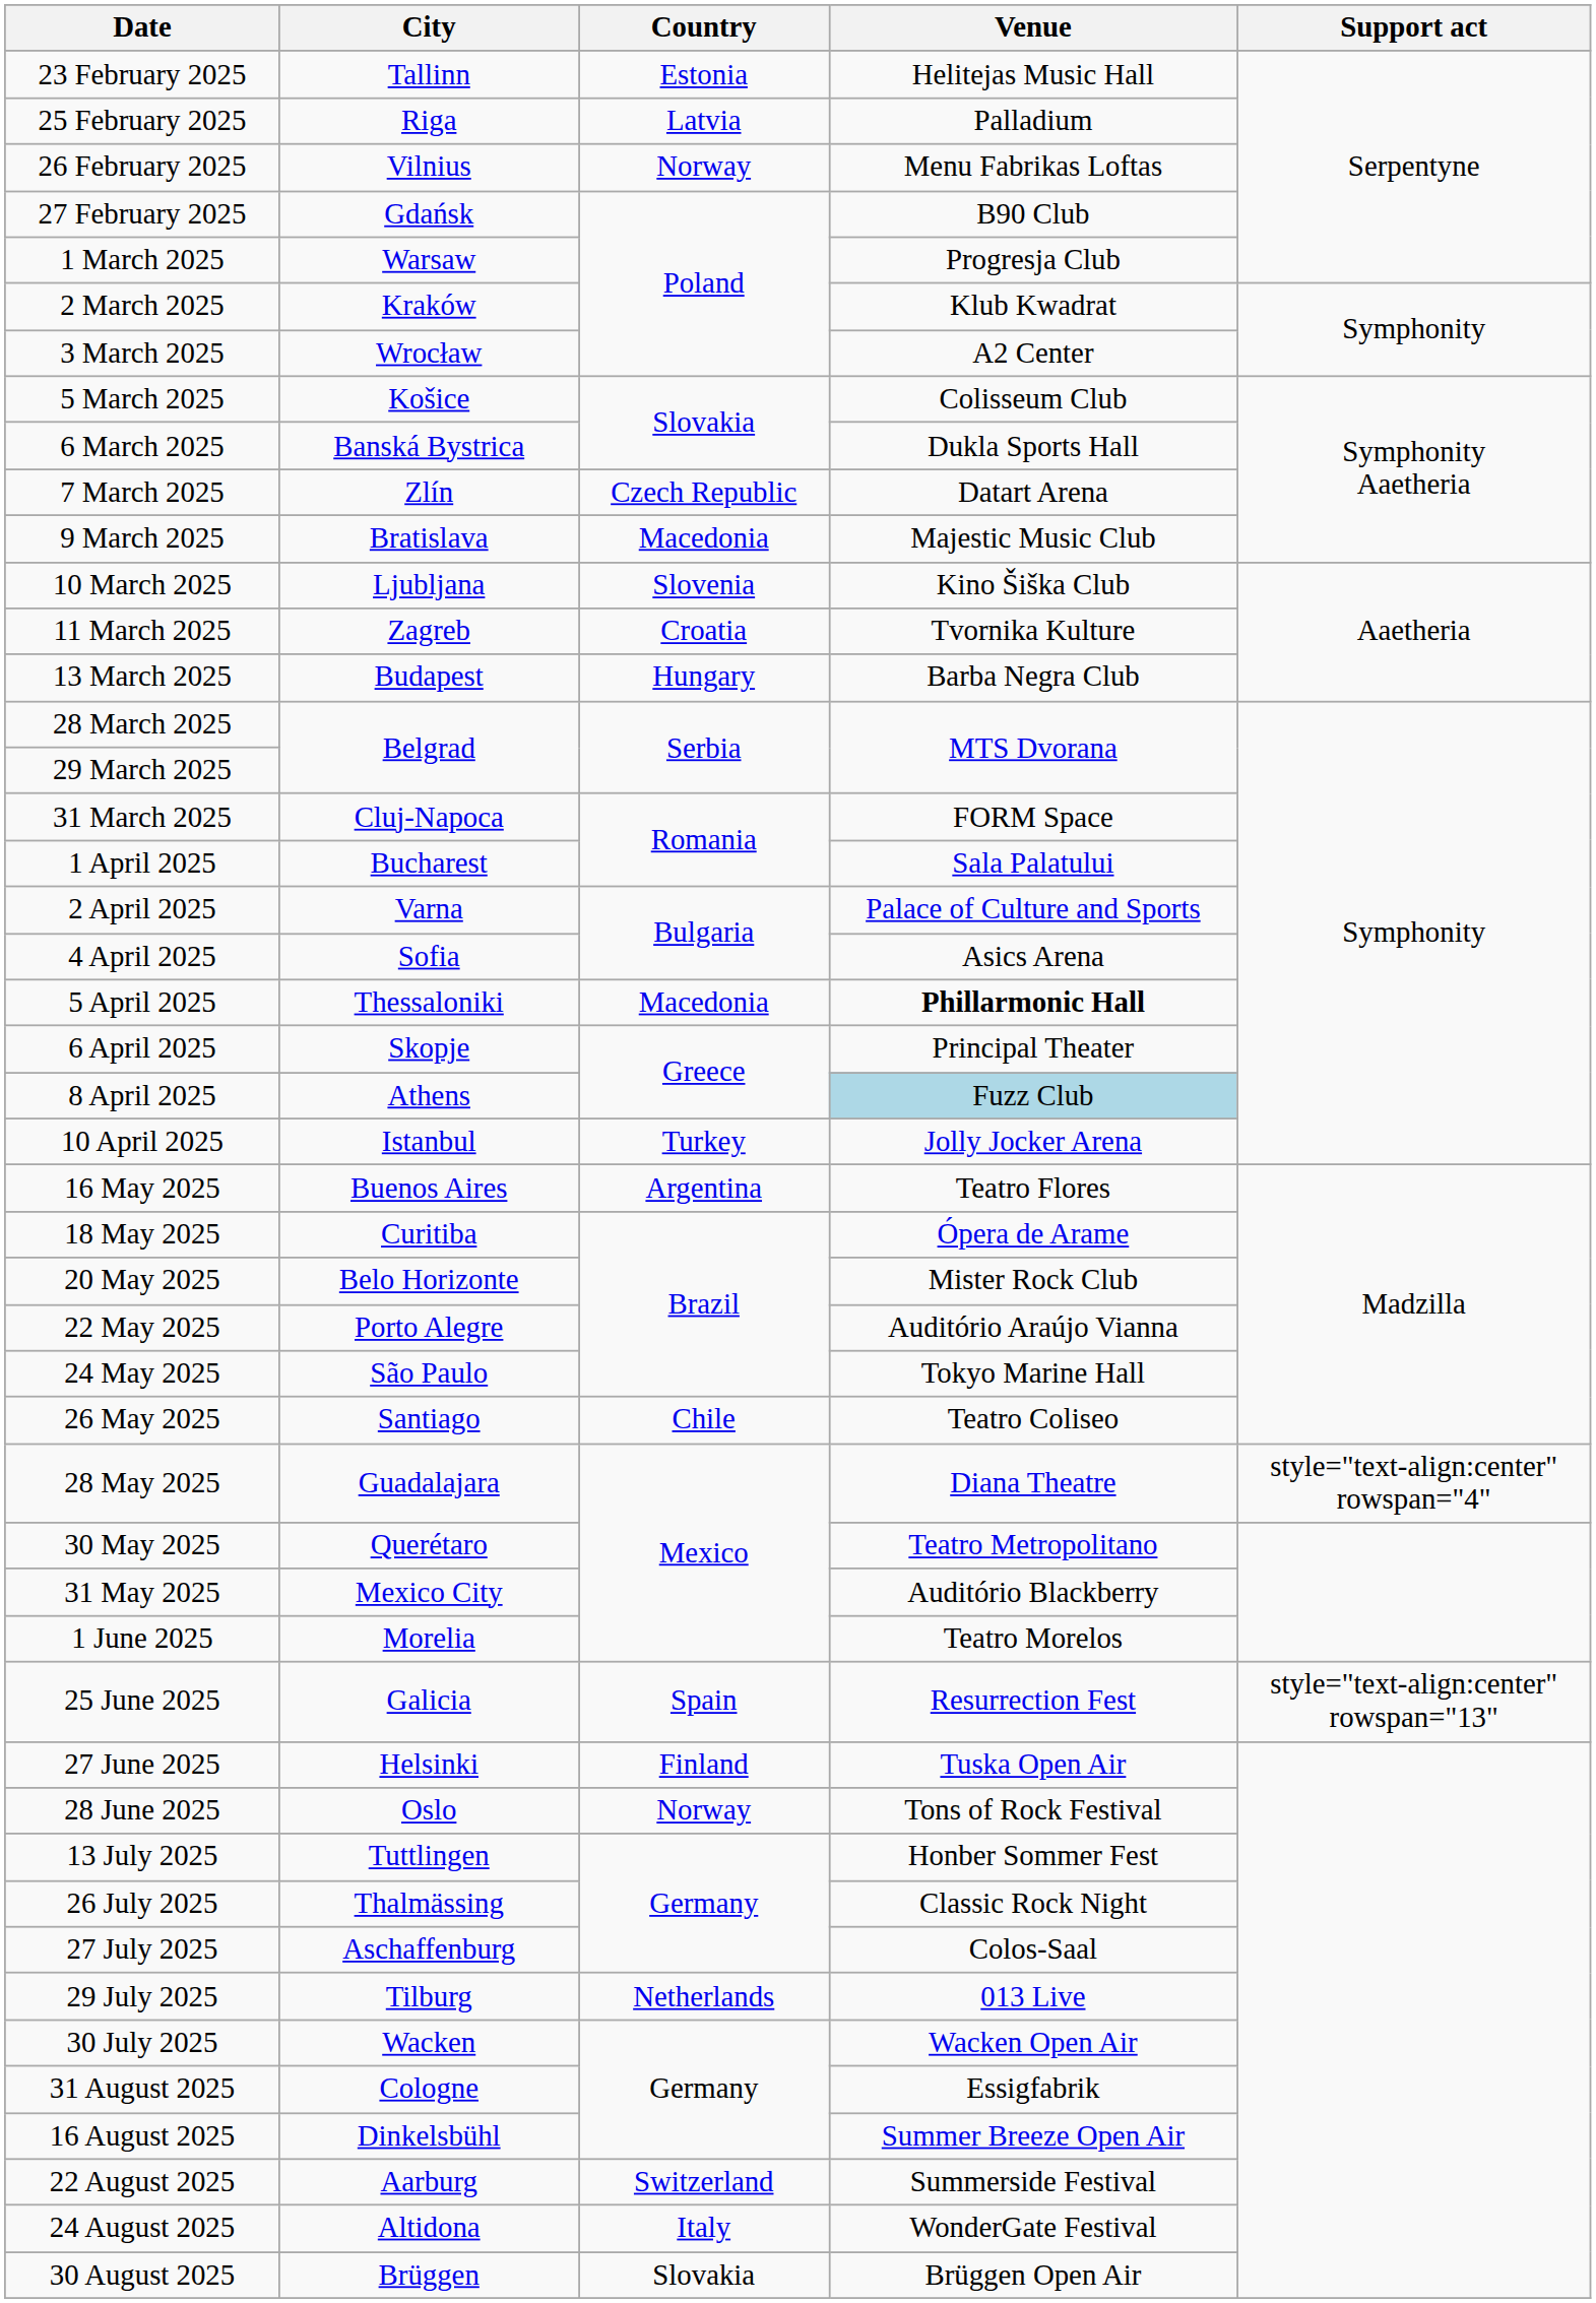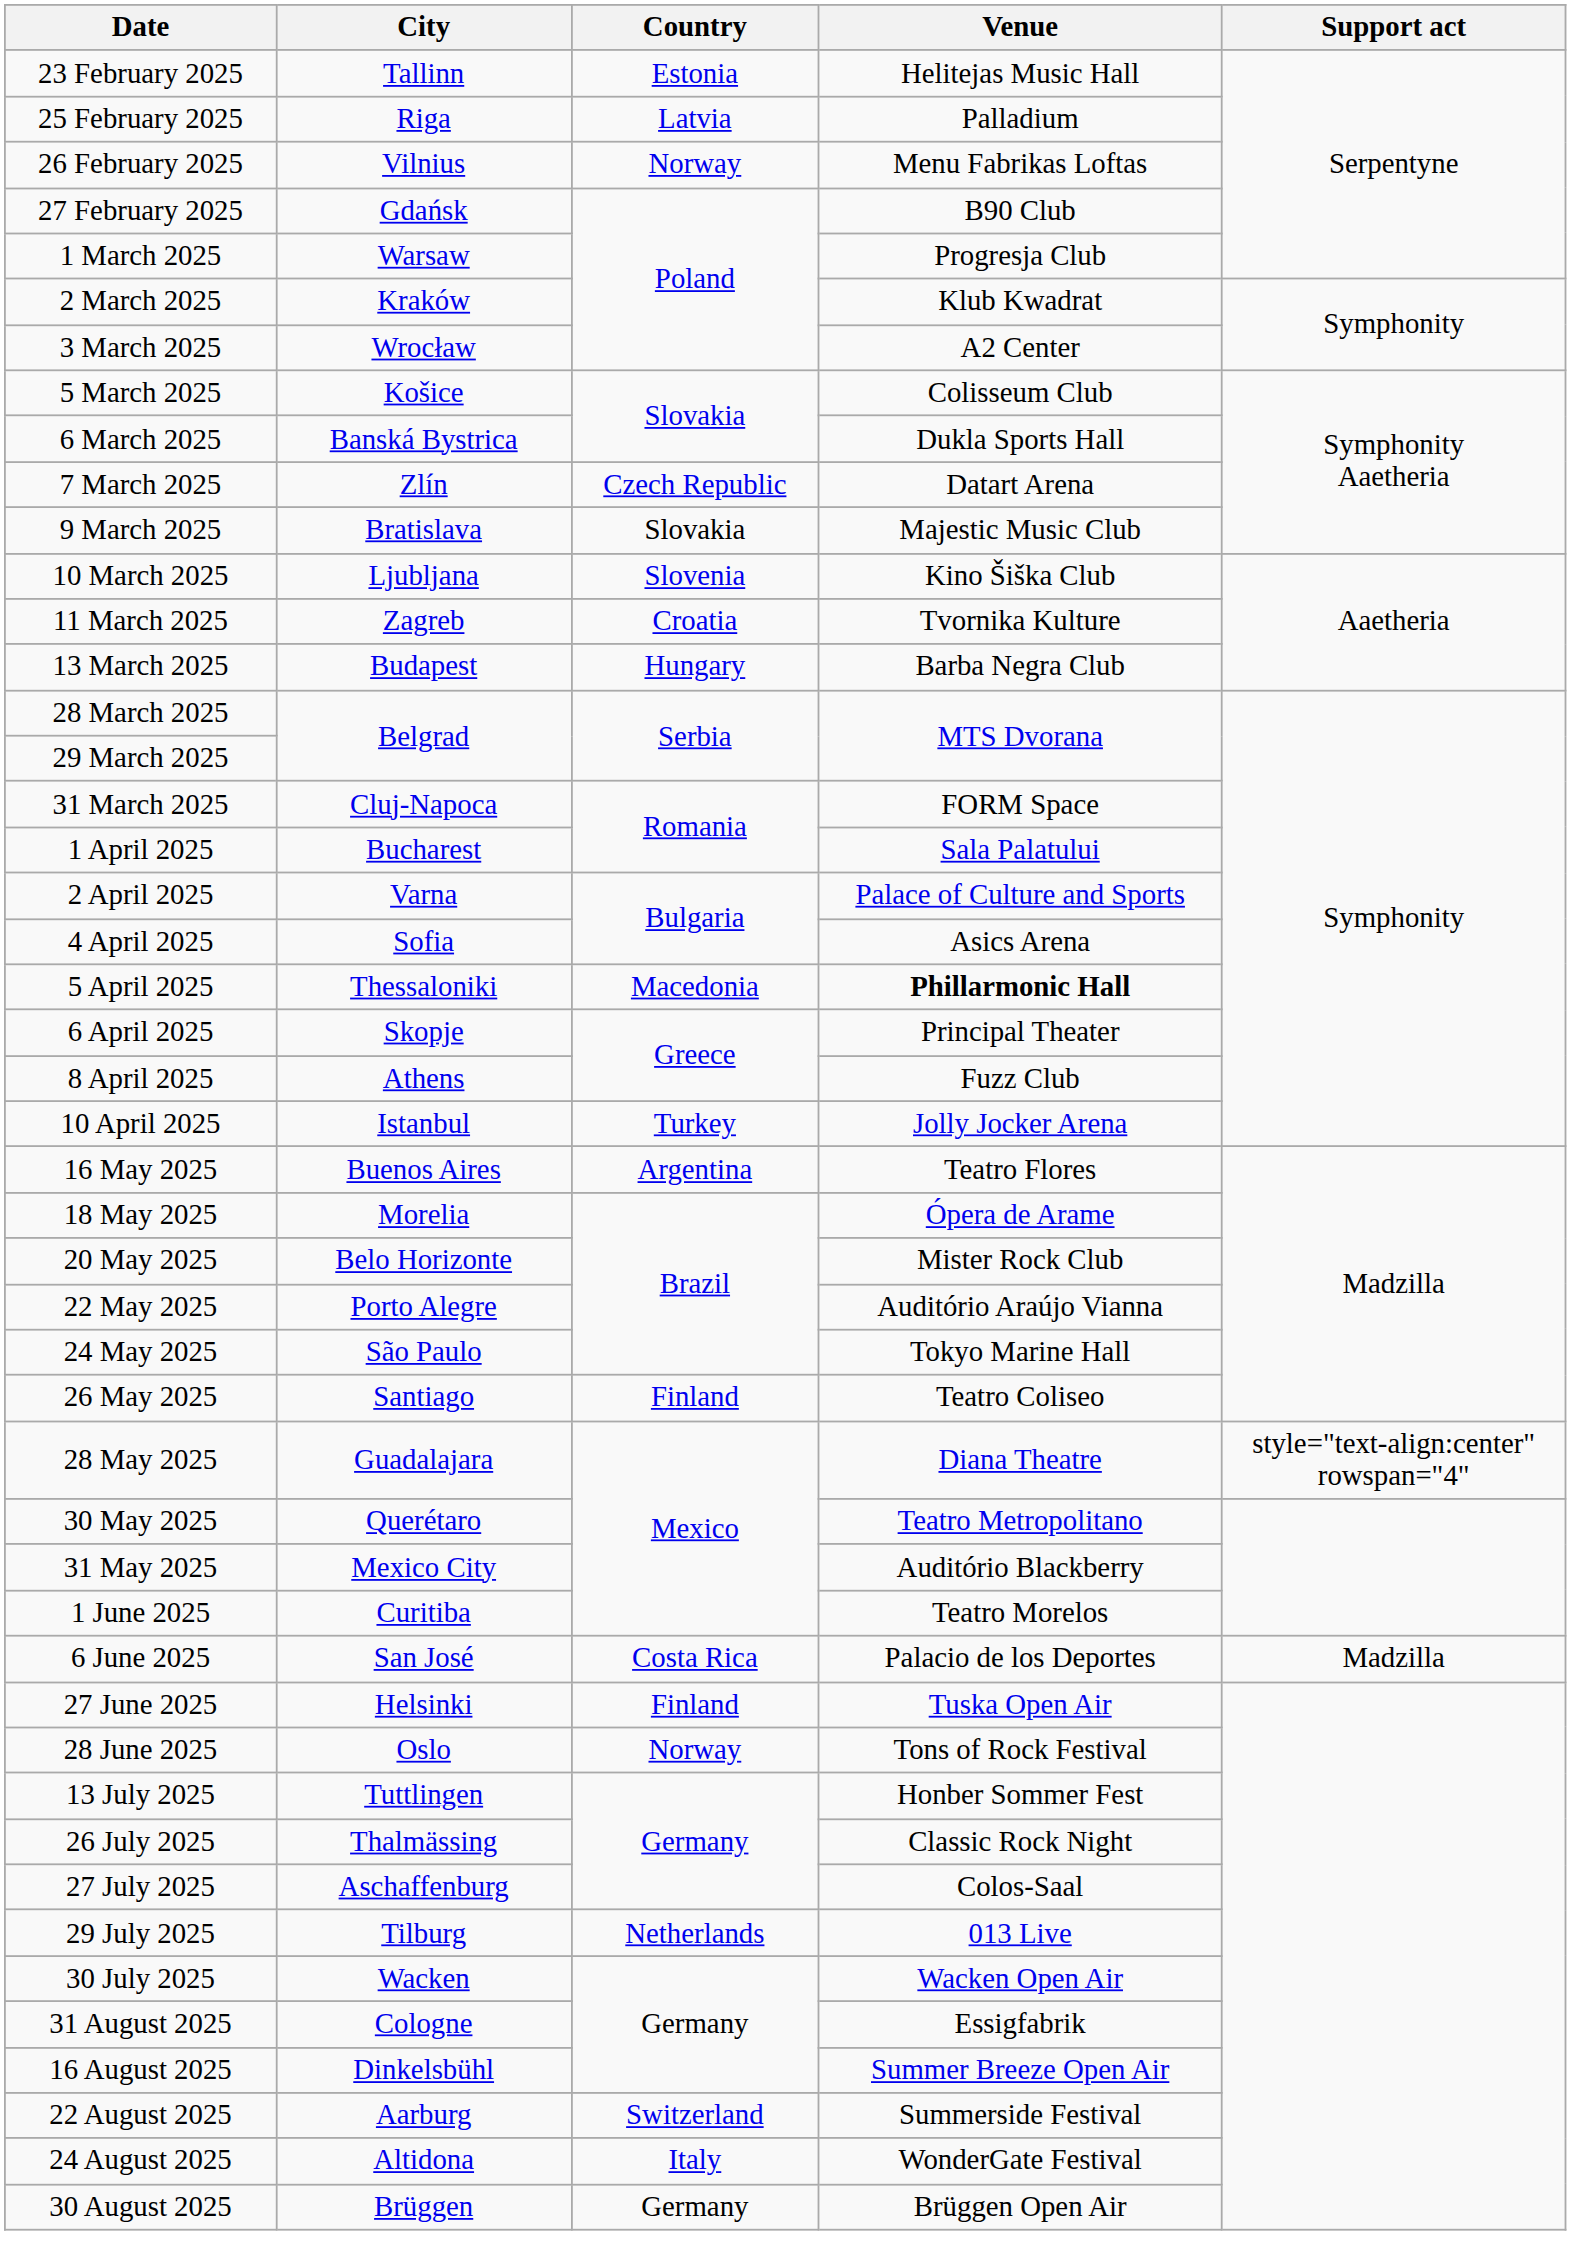 <table class="wikitable plainrowheaders" style="text-align:center;">
 <tr>
 <th scope="col" style="width:12em;">Date</th>
 <th scope="col" style="width:12em;">City</th>
 <th scope="col" style="width:10em;">Country</th>
 <th scope="col" style="width:18em;">Venue</th>
 <th scope="col" style="width:15em;">Support act</th>
 </tr>
 <tr>
 <td style="text-align:center">23 February 2025</td>
 <td style="text-align:center"><a href='#'>Tallinn</a></td>
 <td style="text-align:center"><a href='#'>Estonia</a></td>
 <td style="text-align:center">Helitejas Music Hall</td>
 <td style="text-align:center" rowspan="5">Serpentyne</td>
 </tr>
 <tr>
 <td style="text-align:center">25 February 2025</td>
 <td style="text-align:center"><a href='#'>Riga</a></td>
 <td style="text-align:center"><a href='#'>Latvia</a></td>
 <td style="text-align:center">Palladium</td>
 </tr>
 <tr>
 <td style="text-align:center">26 February 2025</td>
 <td style="text-align:center"><a href='#'>Vilnius</a></td>
 <td style="text-align:center"><a href='#'>Norway</a></td>
 <td style="text-align:center">Menu Fabrikas Loftas</td>
 </tr>
 <tr>
 <td style="text-align:center">27 February 2025</td>
 <td style="text-align:center"><a href='#'>Gdańsk</a></td>
 <td style="text-align:center" rowspan="4"><a href='#'>Poland</a></td>
 <td style="text-align:center">B90 Club</td>
 </tr>
 <tr>
 <td style="text-align:center">1 March 2025</td>
 <td style="text-align:center"><a href='#'>Warsaw</a></td>
 <td style="text-align:center">Progresja Club</td>
 </tr>
 <tr>
 <td style="text-align:center">2 March 2025</td>
 <td style="text-align:center"><a href='#'>Kraków</a></td>
 <td style="text-align:center">Klub Kwadrat</td>
 <td style="text-align:center" rowspan="2">Symphonity </td>
 </tr>
 <tr>
 <td style="text-align:center">3 March 2025</td>
 <td style="text-align:center"><a href='#'>Wrocław</a></td>
 <td style="text-align:center">A2 Center</td>
 </tr>
 <tr>
 <td style="text-align:center">5 March 2025</td>
 <td style="text-align:center"><a href='#'>Košice</a></td>
 <td style="text-align:center" rowspan="2"><a href='#'>Slovakia</a></td>
 <td style="text-align:center">Colisseum Club</td>
 <td style="text-align:center" rowspan="4">Symphonity<br>Aaetheria </td>
 </tr>
 <tr>
 <td style="text-align:center">6 March 2025</td>
 <td style="text-align:center"><a href='#'>Banská Bystrica</a></td>
 <td style="text-align:center">Dukla Sports Hall</td>
 </tr>
 <tr>
 <td style="text-align:center">7 March 2025</td>
 <td style="text-align:center"><a href='#'>Zlín</a></td>
 <td style="text-align:center"><a href='#'>Czech Republic</a></td>
 <td style="text-align:center">Datart Arena</td>
 </tr>
 <tr>
 <td style="text-align:center">9 March 2025</td>
 <td style="text-align:center"><a href='#'>Bratislava</a></td>
-<td style="text-align:center"><a href='#'>Macedonia</a></td>
+<td style="text-align:center">Slovakia</td>
 <td style="text-align:center">Majestic Music Club</td>
 </tr>
 <tr>
 <td style="text-align:center">10 March 2025</td>
 <td style="text-align:center"><a href='#'>Ljubljana</a></td>
 <td style="text-align:center"><a href='#'>Slovenia</a></td>
 <td style="text-align:center">Kino Šiška Club</td>
 <td style="text-align:center" rowspan="3">Aaetheria </td>
 </tr>
 <tr>
 <td style="text-align:center">11 March 2025</td>
 <td style="text-align:center"><a href='#'>Zagreb</a></td>
 <td style="text-align:center"><a href='#'>Croatia</a></td>
 <td style="text-align:center">Tvornika Kulture</td>
 </tr>
 <tr>
 <td style="text-align:center">13 March 2025</td>
 <td style="text-align:center"><a href='#'>Budapest</a></td>
 <td style="text-align:center"><a href='#'>Hungary</a></td>
 <td style="text-align:center">Barba Negra Club</td>
 </tr>
 <tr>
 <td style="text-align:center">28 March 2025</td>
 <td style="text-align:center" rowspan="2"><a href='#'>Belgrad</a></td>
 <td style="text-align:center" rowspan="2"><a href='#'>Serbia</a></td>
 <td style="text-align:center" rowspan="2"><a href='#'>MTS Dvorana</a></td>
 <td style="text-align:center" rowspan="10">Symphonity </td>
 </tr>
 <tr>
 <td style="text-align:center">29 March 2025</td>
 </tr>
 <tr>
 <td style="text-align:center">31 March 2025</td>
 <td style="text-align:center"><a href='#'>Cluj-Napoca</a></td>
 <td style="text-align:center" rowspan="2"><a href='#'>Romania</a></td>
 <td style="text-align:center">FORM Space</td>
 </tr>
 <tr>
 <td style="text-align:center">1 April 2025</td>
 <td style="text-align:center"><a href='#'>Bucharest</a></td>
 <td style="text-align:center"><a href='#'>Sala Palatului</a></td>
 </tr>
 <tr>
 <td style="text-align:center">2 April 2025</td>
 <td style="text-align:center"><a href='#'>Varna</a></td>
 <td style="text-align:center" rowspan="2"><a href='#'>Bulgaria</a></td>
 <td style="text-align:center"><a href='#'>Palace of Culture and Sports</a></td>
 </tr>
 <tr>
 <td style="text-align:center">4 April 2025</td>
 <td style="text-align:center"><a href='#'>Sofia</a></td>
 <td style="text-align:center">Asics Arena</td>
 </tr>
 <tr>
 <td style="text-align:center">5 April 2025</td>
 <td style="text-align:center"><a href='#'>Thessaloniki</a></td>
 <td style="text-align:center"><a href='#'>Macedonia</a></td>
 <td style="text-align:center"><strong>Phillarmonic Hall</strong></td>
 </tr>
 <tr>
 <td style="text-align:center">6 April 2025</td>
 <td style="text-align:center"><a href='#'>Skopje</a></td>
 <td style="text-align:center" rowspan="2"><a href='#'>Greece</a></td>
 <td style="text-align:center">Principal Theater</td>
 </tr>
 <tr>
 <td style="text-align:center">8 April 2025</td>
 <td style="text-align:center"><a href='#'>Athens</a></td>
-<td style="background: lightblue; text-align:center">Fuzz Club</td>
+<td style="text-align:center">Fuzz Club</td>
 </tr>
 <tr>
 <td style="text-align:center">10 April 2025</td>
 <td style="text-align:center"><a href='#'>Istanbul</a></td>
 <td style="text-align:center"><a href='#'>Turkey</a></td>
 <td style="text-align:center"><a href='#'>Jolly Jocker Arena</a></td>
 </tr>
 <tr>
 <td style="text-align:center">16 May 2025</td>
 <td style="text-align:center"><a href='#'>Buenos Aires</a></td>
 <td style="text-align:center"><a href='#'>Argentina</a></td>
 <td style="text-align:center">Teatro Flores</td>
 <td style="text-align:center" rowspan="6">Madzilla</td>
 </tr>
 <tr>
 <td style="text-align:center">18 May 2025</td>
-<td style="text-align:center"><a href='#'>Curitiba</a></td>
+<td style="text-align:center"><a href='#'>Morelia</a></td>
 <td style="text-align:center" rowspan="4"><a href='#'>Brazil</a></td>
 <td style="text-align:center"><a href='#'>Ópera de Arame</a></td>
 </tr>
 <tr>
 <td style="text-align:center">20 May 2025</td>
 <td style="text-align:center"><a href='#'>Belo Horizonte</a></td>
 <td style="text-align:center">Mister Rock Club</td>
 </tr>
 <tr>
 <td style="text-align:center">22 May 2025</td>
 <td style="text-align:center"><a href='#'>Porto Alegre</a></td>
 <td style="text-align:center">Auditório Araújo Vianna</td>
 </tr>
 <tr>
 <td style="text-align:center">24 May 2025</td>
 <td style="text-align:center"><a href='#'>São Paulo</a></td>
 <td style="text-align:center">Tokyo Marine Hall</td>
 </tr>
 <tr>
 <td style="text-align:center">26 May 2025</td>
 <td style="text-align:center"><a href='#'>Santiago</a></td>
-<td style="text-align:center"><a href='#'>Chile</a></td>
+<td style="text-align:center"><a href='#'>Finland</a></td>
 <td style="text-align:center">Teatro Coliseo</td>
 </tr>
 <tr>
 <td style="text-align:center">28 May 2025</td>
 <td style="text-align:center"><a href='#'>Guadalajara</a></td>
 <td style="text-align:center" rowspan="4"><a href='#'>Mexico</a></td>
 <td style="text-align:center"><a href='#'>Diana Theatre</a></td>
 <td>style="text-align:center" rowspan="4" </td>
 </tr>
 <tr>
 <td style="text-align:center">30 May 2025</td>
 <td style="text-align:center"><a href='#'>Querétaro</a></td>
 <td style="text-align:center"><a href='#'>Teatro Metropolitano</a></td>
 </tr>
 <tr>
 <td style="text-align:center">31 May 2025</td>
 <td style="text-align:center"><a href='#'>Mexico City</a></td>
 <td style="text-align:center">Auditório Blackberry</td>
 </tr>
 <tr>
 <td style="text-align:center">1 June 2025</td>
-<td style="text-align:center"><a href='#'>Morelia</a></td>
+<td style="text-align:center"><a href='#'>Curitiba</a></td>
 <td style="text-align:center">Teatro Morelos</td>
 </tr>
 <tr>
-<td style="text-align:center">25 June 2025</td>
-<td style="text-align:center"><a href='#'>Galicia</a></td>
-<td style="text-align:center"><a href='#'>Spain</a></td>
-<td style="text-align:center"><a href='#'>Resurrection Fest</a></td>
-<td>style="text-align:center" rowspan="13" </td>
+<td style="text-align:center">6 June 2025</td>
+<td style="text-align:center"><a href='#'>San José</a></td>
+<td style="text-align:center"><a href='#'>Costa Rica</a></td>
+<td style="text-align:center">Palacio de los Deportes</td>
+<td style="text-align:center">Madzilla</td>
 </tr>
 <tr>
 <td style="text-align:center">27 June 2025</td>
 <td style="text-align:center"><a href='#'>Helsinki</a></td>
 <td style="text-align:center"><a href='#'>Finland</a></td>
 <td style="text-align:center"><a href='#'>Tuska Open Air</a></td>
 </tr>
 <tr>
 <td style="text-align:center">28 June 2025</td>
 <td style="text-align:center"><a href='#'>Oslo</a></td>
 <td style="text-align:center"><a href='#'>Norway</a></td>
 <td style="text-align:center">Tons of Rock Festival</td>
 </tr>
 <tr>
 <td style="text-align:center">13 July 2025</td>
 <td style="text-align:center"><a href='#'>Tuttlingen</a></td>
 <td style="text-align:center" rowspan="3"><a href='#'>Germany</a></td>
 <td style="text-align:center">Honber Sommer Fest</td>
 </tr>
 <tr>
 <td style="text-align:center">26 July 2025</td>
 <td style="text-align:center"><a href='#'>Thalmässing</a></td>
 <td style="text-align:center">Classic Rock Night</td>
 </tr>
 <tr>
 <td style="text-align:center">27 July 2025</td>
 <td style="text-align:center"><a href='#'>Aschaffenburg</a></td>
 <td style="text-align:center">Colos-Saal</td>
 </tr>
 <tr>
 <td style="text-align:center">29 July 2025</td>
 <td style="text-align:center"><a href='#'>Tilburg</a></td>
 <td style="text-align:center"><a href='#'>Netherlands</a></td>
 <td style="text-align:center"><a href='#'>013 Live</a></td>
 </tr>
 <tr>
 <td style="text-align:center">30 July 2025</td>
 <td style="text-align:center"><a href='#'>Wacken</a></td>
 <td style="text-align:center" rowspan="3">Germany</td>
 <td style="text-align:center"><a href='#'>Wacken Open Air</a></td>
 </tr>
 <tr>
 <td style="text-align:center">31 August 2025</td>
 <td style="text-align:center"><a href='#'>Cologne</a></td>
 <td style="text-align:center">Essigfabrik</td>
 </tr>
 <tr>
 <td style="text-align:center">16 August 2025</td>
 <td style="text-align:center"><a href='#'>Dinkelsbühl</a></td>
 <td style="text-align:center"><a href='#'>Summer Breeze Open Air</a></td>
 </tr>
 <tr>
 <td style="text-align:center">22 August 2025</td>
 <td style="text-align:center"><a href='#'>Aarburg</a></td>
 <td style="text-align:center"><a href='#'>Switzerland</a></td>
 <td style="text-align:center">Summerside Festival</td>
 </tr>
 <tr>
 <td style="text-align:center">24 August 2025</td>
 <td style="text-align:center"><a href='#'>Altidona</a></td>
 <td style="text-align:center"><a href='#'>Italy</a></td>
 <td style="text-align:center">WonderGate Festival</td>
 </tr>
 <tr>
 <td style="text-align:center">30 August 2025</td>
 <td style="text-align:center"><a href='#'>Brüggen</a></td>
-<td style="text-align:center">Slovakia</td>
+<td style="text-align:center">Germany</td>
 <td style="text-align:center">Brüggen Open Air</td>
 </tr>
 </table>
